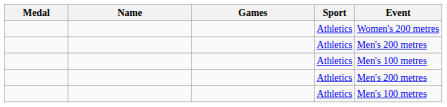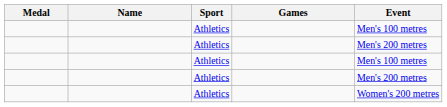 <table class="wikitable sortable" style="font-size: 95%;">
 <tr>
 <th style="width:6em">Medal</th>
 <th style="width:12em">Name</th>
+<th>Sport</th>
 <th style="width:12em">Games</th>
-<th>Sport</th>
 <th>Event</th>
 </tr>
 <tr>
 <td></td>
 <td></td>
+<td> <a href='#'>Athletics</a></td>
 <td></td>
-<td> <a href='#'>Athletics</a></td>
-<td><a href='#'>Women's 200 metres</a></td>
+<td><a href='#'>Men's 100 metres</a></td>
 </tr>
 <tr>
 <td></td>
 <td></td>
+<td> <a href='#'>Athletics</a></td>
 <td></td>
-<td> <a href='#'>Athletics</a></td>
 <td><a href='#'>Men's 200 metres</a></td>
 </tr>
 <tr>
 <td></td>
 <td></td>
+<td> <a href='#'>Athletics</a></td>
 <td></td>
-<td> <a href='#'>Athletics</a></td>
 <td><a href='#'>Men's 100 metres</a></td>
 </tr>
 <tr>
 <td></td>
 <td></td>
+<td> <a href='#'>Athletics</a></td>
 <td></td>
-<td> <a href='#'>Athletics</a></td>
 <td><a href='#'>Men's 200 metres</a></td>
 </tr>
 <tr>
 <td></td>
 <td></td>
+<td> <a href='#'>Athletics</a></td>
 <td></td>
-<td> <a href='#'>Athletics</a></td>
-<td><a href='#'>Men's 100 metres</a></td>
+<td><a href='#'>Women's 200 metres</a></td>
 </tr>
 </table>
